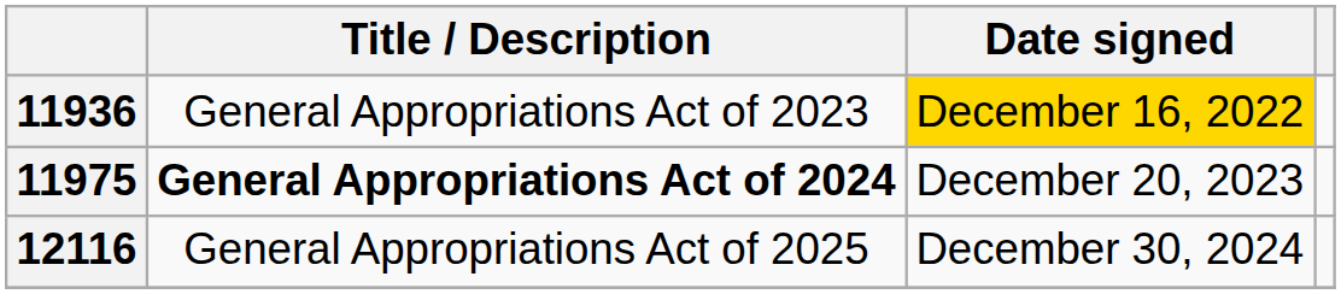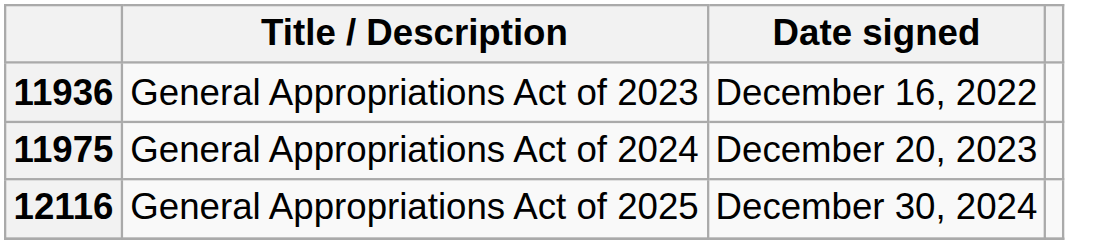 <table class="wikitable sortable" style="text-align:center;">
 <tr>
 <th scope="col"></th>
 <th scope="col">Title / Description</th>
 <th scope="col">Date signed</th>
 <th scope="col" class="unsortable"></th>
 </tr>
 <tr>
 <th scope="row">11936</th>
 <td>General Appropriations Act of 2023</td>
-<td style="background: gold;">December 16, 2022</td>
+<td>December 16, 2022</td>
 <td></td>
 </tr>
 <tr>
 <th scope="row">11975</th>
-<td><strong>General Appropriations Act of 2024</strong></td>
+<td>General Appropriations Act of 2024</td>
 <td>December 20, 2023</td>
 <td></td>
 </tr>
 <tr>
 <th scope="row">12116</th>
 <td>General Appropriations Act of 2025</td>
 <td>December 30, 2024</td>
 <td></td>
 </tr>
 <tr>
 </tr>
 </table>
